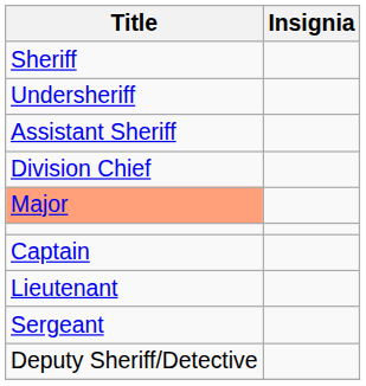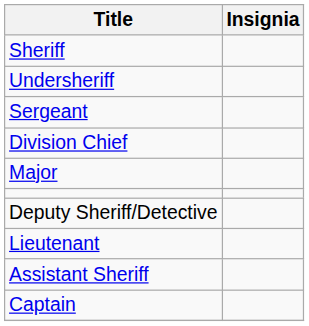 <table class="wikitable">
 <tr>
 <th>Title</th>
 <th>Insignia</th>
 </tr>
 <tr>
 <td><a href='#'>Sheriff</a></td>
 <td></td>
 </tr>
 <tr>
 <td><a href='#'>Undersheriff</a></td>
 <td></td>
 </tr>
 <tr>
-<td><a href='#'>Assistant Sheriff</a></td>
+<td><a href='#'>Sergeant</a></td>
 <td></td>
 </tr>
 <tr>
 <td><a href='#'>Division Chief</a></td>
 <td></td>
 </tr>
 <tr>
-<td style="background: lightsalmon;"><a href='#'>Major</a></td>
+<td><a href='#'>Major</a></td>
 <td></td>
 </tr>
 <tr>
+<td></td>
+</tr>
+<tr>
+<td>Deputy Sheriff/Detective</td>
+<td></td>
+</tr>
+<tr>
+<td><a href='#'>Lieutenant</a></td>
+<td></td>
+</tr>
+<tr>
+<td><a href='#'>Assistant Sheriff</a></td>
 <td></td>
 </tr>
 <tr>
 <td><a href='#'>Captain</a></td>
 <td></td>
 </tr>
 <tr>
-<td><a href='#'>Lieutenant</a></td>
-<td></td>
-</tr>
-<tr>
-<td><a href='#'>Sergeant</a></td>
-<td></td>
-</tr>
-<tr>
-<td>Deputy Sheriff/Detective</td>
-<td></td>
-</tr>
-<tr>
 </tr>
 </table>
